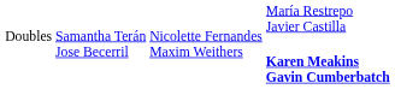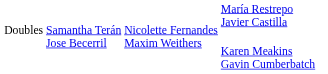 <table>
 <tr>
 <td rowspan=2>Doubles</td>
 <td rowspan=2><br><a href='#'>Samantha Terán</a><br><a href='#'>Jose Becerril</a></td>
 <td rowspan=2><br><a href='#'>Nicolette Fernandes</a><br><a href='#'>Maxim Weithers</a></td>
 <td><br><a href='#'>María Restrepo</a><br><a href='#'>Javier Castilla</a></td>
 </tr>
 <tr>
-<td><strong><br><a href='#'>Karen Meakins</a><br><a href='#'>Gavin Cumberbatch</a></strong></td>
+<td><br><a href='#'>Karen Meakins</a><br><a href='#'>Gavin Cumberbatch</a></td>
 </tr>
 </table>
